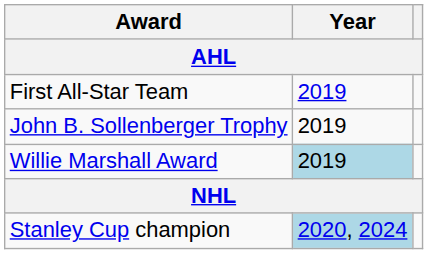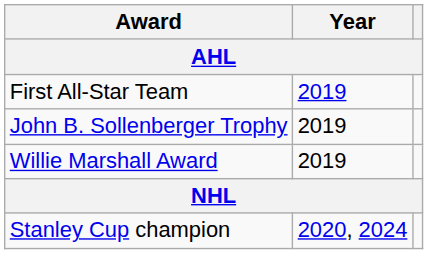 <table class="wikitable">
 <tr>
 <th>Award</th>
 <th>Year</th>
 <th></th>
 </tr>
 <tr>
 <th colspan="3"><a href='#'>AHL</a></th>
 </tr>
 <tr>
 <td>First All-Star Team</td>
 <td><a href='#'>2019</a></td>
 <td></td>
 </tr>
 <tr>
 <td><a href='#'>John B. Sollenberger Trophy</a></td>
 <td>2019</td>
 <td></td>
 </tr>
 <tr>
 <td><a href='#'>Willie Marshall Award</a></td>
-<td style="background: lightblue;">2019</td>
+<td>2019</td>
 <td></td>
 </tr>
 <tr>
 <th colspan="3"><a href='#'>NHL</a></th>
 </tr>
 <tr>
 <td><a href='#'>Stanley Cup</a> champion</td>
-<td style="background: lightblue;"><a href='#'>2020</a>, <a href='#'>2024</a></td>
+<td><a href='#'>2020</a>, <a href='#'>2024</a></td>
 <td></td>
 </tr>
 </table>
